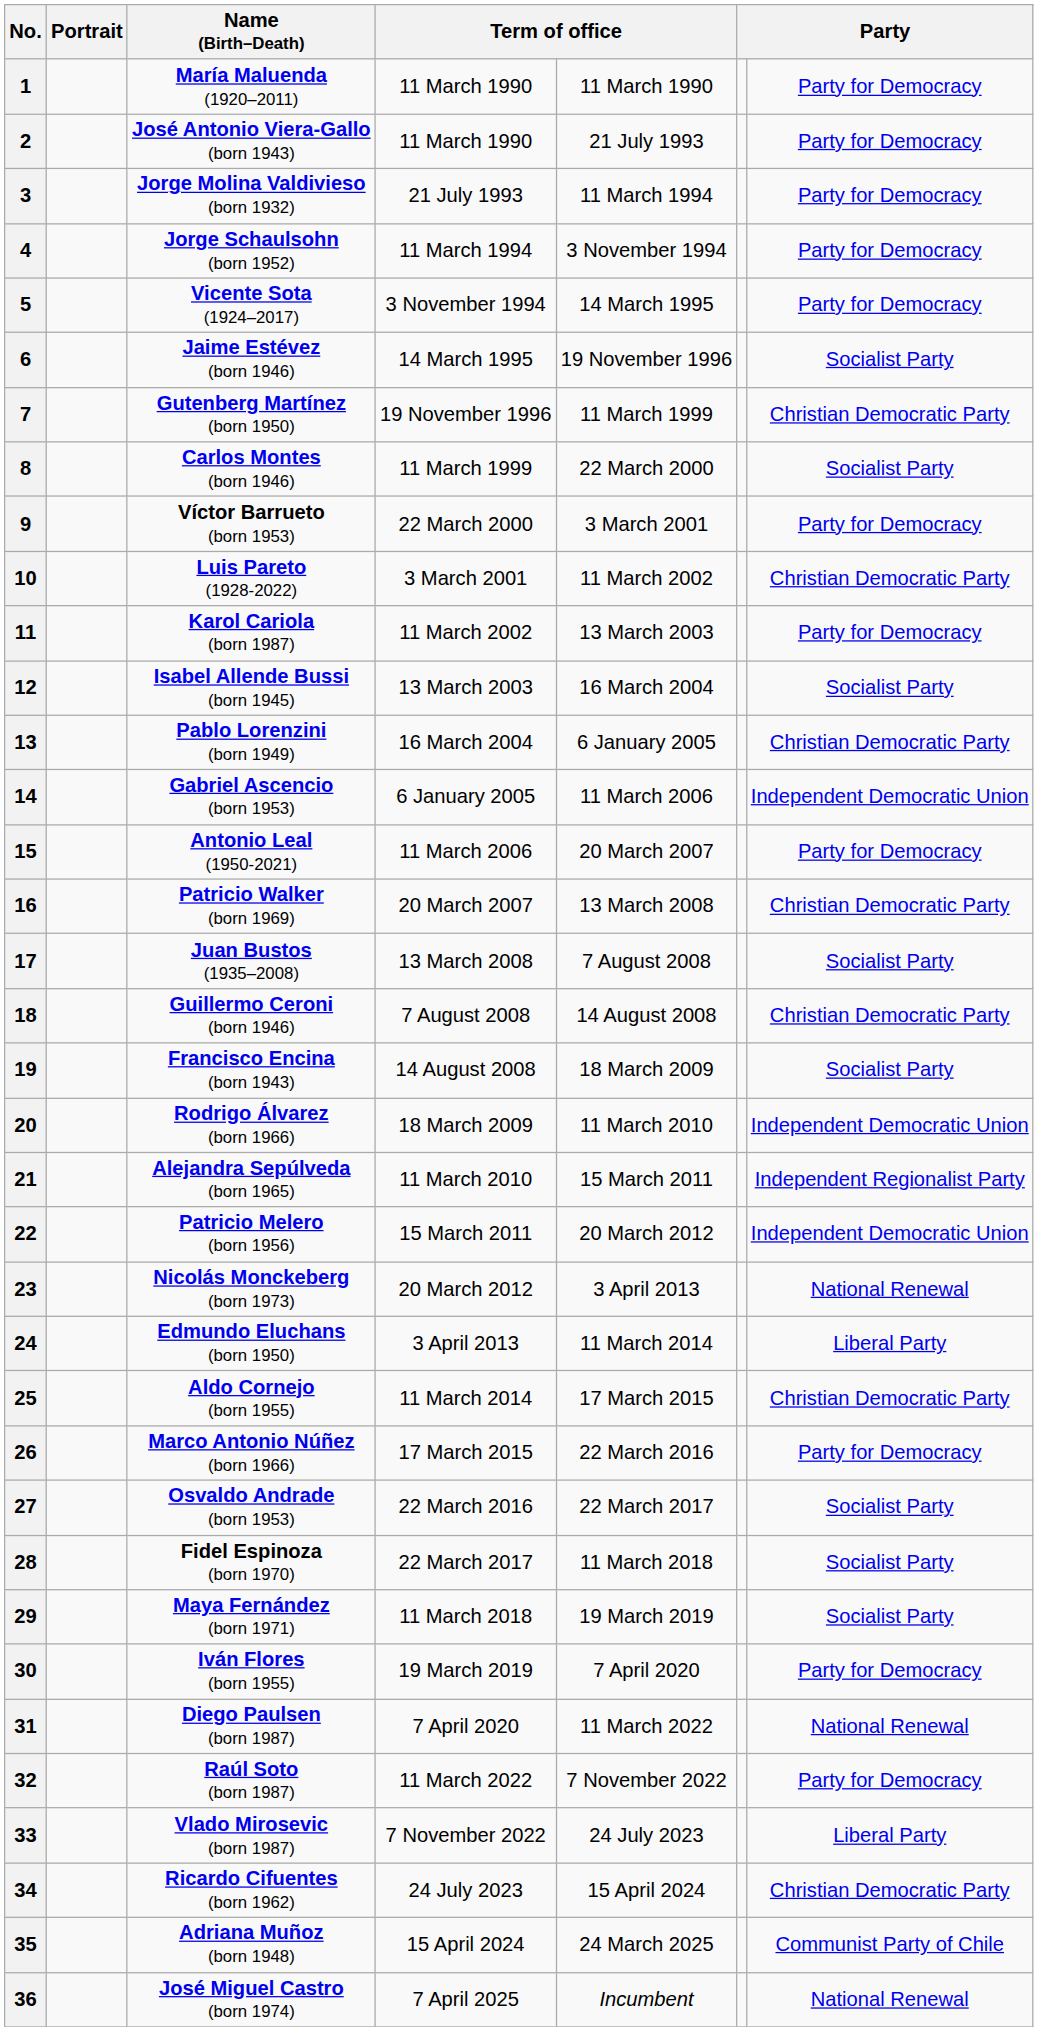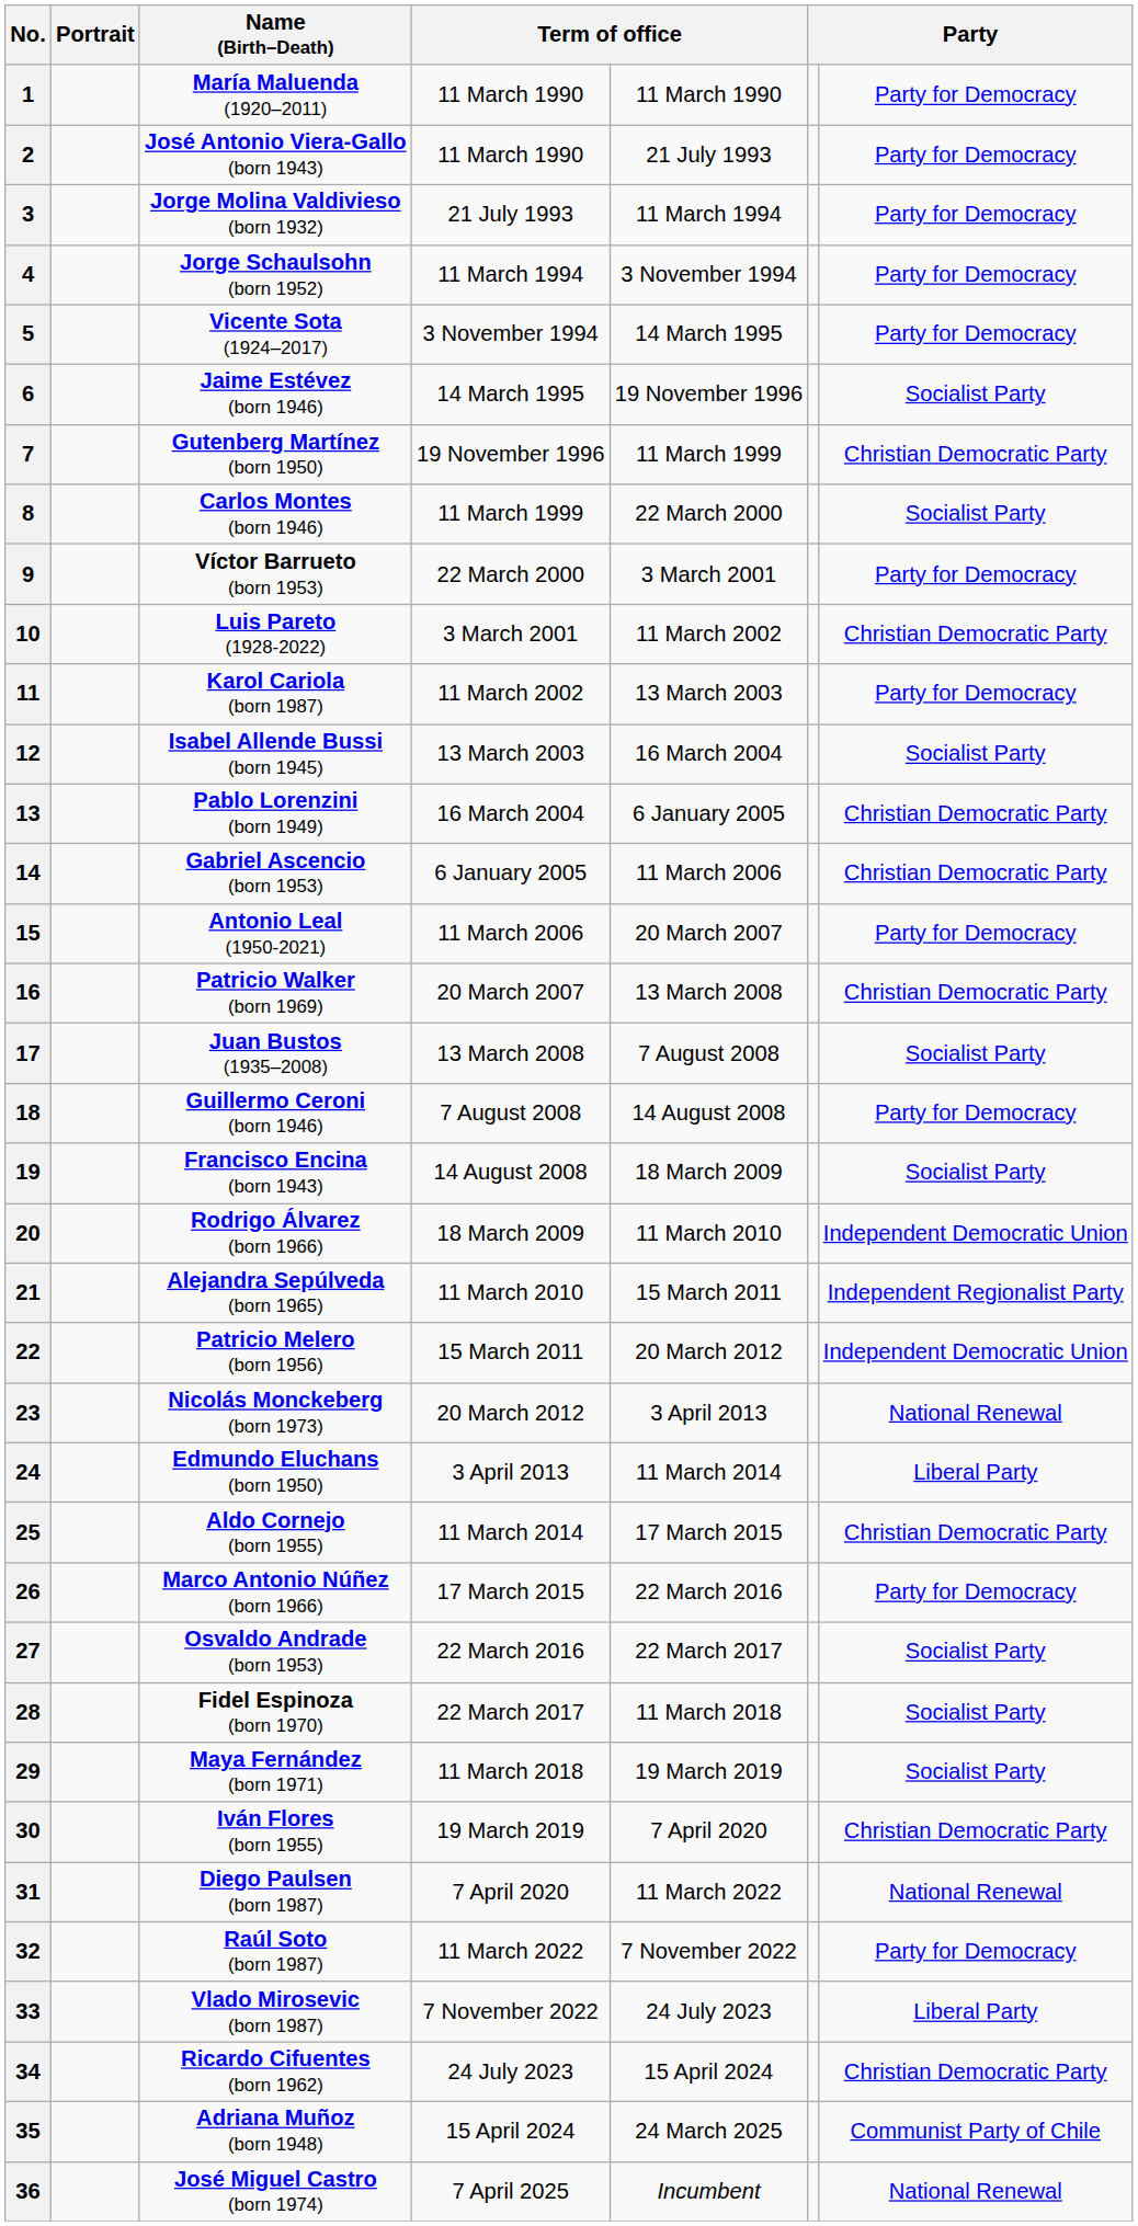 <table class="wikitable" style="text-align: center;">
 <tr>
 <th>No.</th>
 <th>Portrait</th>
 <th>Name<br><small>(Birth–Death)</small></th>
 <th colspan="2">Term of office</th>
 <th colspan=2>Party</th>
 </tr>
 <tr>
 <th>1</th>
 <td></td>
 <td><strong><a href='#'>María Maluenda</a></strong><br><small>(1920–2011)</small></td>
 <td>11 March 1990</td>
 <td>11 March 1990</td>
 <td style="background-color:"></td>
 <td><a href='#'>Party for Democracy</a></td>
 </tr>
 <tr>
 <th>2</th>
 <td></td>
 <td><strong><a href='#'>José Antonio Viera-Gallo</a></strong><br><small>(born 1943)</small></td>
 <td>11 March 1990</td>
 <td>21 July 1993</td>
 <td style="background-color:"></td>
 <td><a href='#'>Party for Democracy</a></td>
 </tr>
 <tr>
 <th>3</th>
 <td></td>
 <td><strong><a href='#'>Jorge Molina Valdivieso</a></strong><br><small>(born 1932)</small></td>
 <td>21 July 1993</td>
 <td>11 March 1994</td>
 <td style="background-color:"></td>
 <td><a href='#'>Party for Democracy</a></td>
 </tr>
 <tr>
 <th>4</th>
 <td></td>
 <td><strong><a href='#'>Jorge Schaulsohn</a></strong><br><small>(born 1952)</small></td>
 <td>11 March 1994</td>
 <td>3 November 1994</td>
 <td style="background-color:"></td>
 <td><a href='#'>Party for Democracy</a></td>
 </tr>
 <tr>
 <th>5</th>
 <td></td>
 <td><strong><a href='#'>Vicente Sota</a></strong><br><small>(1924–2017)</small></td>
 <td>3 November 1994</td>
 <td>14 March 1995</td>
 <td style="background-color:"></td>
 <td><a href='#'>Party for Democracy</a></td>
 </tr>
 <tr>
 <th>6</th>
 <td></td>
 <td><strong><a href='#'>Jaime Estévez</a></strong><br><small>(born 1946)</small></td>
 <td>14 March 1995</td>
 <td>19 November 1996</td>
 <td style="background-color:"></td>
 <td><a href='#'>Socialist Party</a></td>
 </tr>
 <tr>
 <th>7</th>
 <td></td>
 <td><strong><a href='#'>Gutenberg Martínez</a></strong><br><small>(born 1950)</small></td>
 <td>19 November 1996</td>
 <td>11 March 1999</td>
 <td style="background-color:"></td>
 <td><a href='#'>Christian Democratic Party</a></td>
 </tr>
 <tr>
 <th>8</th>
 <td></td>
 <td><strong><a href='#'>Carlos Montes</a></strong><br><small>(born 1946)</small></td>
 <td>11 March 1999</td>
 <td>22 March 2000</td>
 <td style="background-color:"></td>
 <td><a href='#'>Socialist Party</a></td>
 </tr>
 <tr>
 <th>9</th>
 <td></td>
 <td><strong>Víctor Barrueto</strong><br><small>(born 1953)</small></td>
 <td>22 March 2000</td>
 <td>3 March 2001</td>
 <td style="background-color:"></td>
 <td><a href='#'>Party for Democracy</a></td>
 </tr>
 <tr>
 <th>10</th>
 <td></td>
 <td><strong><a href='#'>Luis Pareto</a></strong><br><small>(1928-2022)</small></td>
 <td>3 March 2001</td>
 <td>11 March 2002</td>
 <td style="background-color:"></td>
 <td><a href='#'>Christian Democratic Party</a></td>
 </tr>
 <tr>
 <th>11</th>
 <td></td>
 <td><strong><a href='#'>Karol Cariola</a></strong><br><small>(born 1987)</small></td>
 <td>11 March 2002</td>
 <td>13 March 2003</td>
 <td style="background-color:"></td>
 <td><a href='#'>Party for Democracy</a></td>
 </tr>
 <tr>
 <th>12</th>
 <td></td>
 <td><strong><a href='#'>Isabel Allende Bussi</a></strong><br><small>(born 1945)</small></td>
 <td>13 March 2003</td>
 <td>16 March 2004</td>
 <td style="background-color:"></td>
 <td><a href='#'>Socialist Party</a></td>
 </tr>
 <tr>
 <th>13</th>
 <td></td>
 <td><strong><a href='#'>Pablo Lorenzini</a></strong><br><small>(born 1949)</small></td>
 <td>16 March 2004</td>
 <td>6 January 2005</td>
 <td style="background-color:"></td>
 <td><a href='#'>Christian Democratic Party</a></td>
 </tr>
 <tr>
 <th>14</th>
 <td></td>
 <td><strong><a href='#'>Gabriel Ascencio</a></strong><br><small>(born 1953)</small></td>
 <td>6 January 2005</td>
 <td>11 March 2006</td>
 <td style="background-color:"></td>
-<td><a href='#'>Independent Democratic Union</a></td>
+<td><a href='#'>Christian Democratic Party</a></td>
 </tr>
 <tr>
 <th>15</th>
 <td></td>
 <td><strong><a href='#'>Antonio Leal</a></strong><br><small>(1950-2021)</small></td>
 <td>11 March 2006</td>
 <td>20 March 2007</td>
 <td style="background-color:"></td>
 <td><a href='#'>Party for Democracy</a></td>
 </tr>
 <tr>
 <th>16</th>
 <td></td>
 <td><strong><a href='#'>Patricio Walker</a></strong><br><small>(born 1969)</small></td>
 <td>20 March 2007</td>
 <td>13 March 2008</td>
 <td style="background-color:"></td>
 <td><a href='#'>Christian Democratic Party</a></td>
 </tr>
 <tr>
 <th>17</th>
 <td></td>
 <td><strong><a href='#'>Juan Bustos</a></strong><br><small>(1935–2008)</small></td>
 <td>13 March 2008</td>
 <td>7 August 2008</td>
 <td style="background-color:"></td>
 <td><a href='#'>Socialist Party</a></td>
 </tr>
 <tr>
 <th>18</th>
 <td></td>
 <td><strong><a href='#'>Guillermo Ceroni</a></strong><br><small>(born 1946)</small></td>
 <td>7 August 2008</td>
 <td>14 August 2008</td>
 <td style="background-color:"></td>
-<td><a href='#'>Christian Democratic Party</a></td>
+<td><a href='#'>Party for Democracy</a></td>
 </tr>
 <tr>
 <th>19</th>
 <td></td>
 <td><strong><a href='#'>Francisco Encina</a></strong><br><small>(born 1943)</small></td>
 <td>14 August 2008</td>
 <td>18 March 2009</td>
 <td style="background-color:"></td>
 <td><a href='#'>Socialist Party</a></td>
 </tr>
 <tr>
 <th>20</th>
 <td></td>
 <td><strong><a href='#'>Rodrigo Álvarez</a></strong><br><small>(born 1966)</small></td>
 <td>18 March 2009</td>
 <td>11 March 2010</td>
 <td style="background-color:"></td>
 <td><a href='#'>Independent Democratic Union</a></td>
 </tr>
 <tr>
 <th>21</th>
 <td></td>
 <td><strong><a href='#'>Alejandra Sepúlveda</a></strong><br><small>(born 1965)</small></td>
 <td>11 March 2010</td>
 <td>15 March 2011</td>
 <td style="background-color:"></td>
 <td><a href='#'>Independent Regionalist Party</a></td>
 </tr>
 <tr>
 <th>22</th>
 <td></td>
 <td><strong><a href='#'>Patricio Melero</a></strong><br><small>(born 1956)</small></td>
 <td>15 March 2011</td>
 <td>20 March 2012</td>
 <td style="background-color:"></td>
 <td><a href='#'>Independent Democratic Union</a></td>
 </tr>
 <tr>
 <th>23</th>
 <td></td>
 <td><strong><a href='#'>Nicolás Monckeberg</a></strong><br><small>(born 1973)</small></td>
 <td>20 March 2012</td>
 <td>3 April 2013</td>
 <td style="background-color:"></td>
 <td><a href='#'>National Renewal</a></td>
 </tr>
 <tr>
 <th>24</th>
 <td></td>
 <td><strong><a href='#'>Edmundo Eluchans</a></strong><br><small>(born 1950)</small></td>
 <td>3 April 2013</td>
 <td>11 March 2014</td>
 <td style="background-color:"></td>
 <td><a href='#'>Liberal Party</a></td>
 </tr>
 <tr>
 <th>25</th>
 <td></td>
 <td><strong><a href='#'>Aldo Cornejo</a></strong><br><small>(born 1955)</small></td>
 <td>11 March 2014</td>
 <td>17 March 2015</td>
 <td style="background-color:"></td>
 <td><a href='#'>Christian Democratic Party</a></td>
 </tr>
 <tr>
 <th>26</th>
 <td></td>
 <td><strong><a href='#'>Marco Antonio Núñez</a></strong><br><small>(born 1966)</small></td>
 <td>17 March 2015</td>
 <td>22 March 2016</td>
 <td style="background-color:"></td>
 <td><a href='#'>Party for Democracy</a></td>
 </tr>
 <tr>
 <th>27</th>
 <td></td>
 <td><strong><a href='#'>Osvaldo Andrade</a></strong><br><small>(born 1953)</small></td>
 <td>22 March 2016</td>
 <td>22 March 2017</td>
 <td style="background-color:"></td>
 <td><a href='#'>Socialist Party</a></td>
 </tr>
 <tr>
 <th>28</th>
 <td></td>
 <td><strong>Fidel Espinoza</strong><br><small>(born 1970)</small></td>
 <td>22 March 2017</td>
 <td>11 March 2018</td>
 <td style="background-color:"></td>
 <td><a href='#'>Socialist Party</a></td>
 </tr>
 <tr>
 <th>29</th>
 <td></td>
 <td><strong><a href='#'>Maya Fernández</a></strong><br><small>(born 1971)</small></td>
 <td>11 March 2018</td>
 <td>19 March 2019</td>
 <td style="background-color:"></td>
 <td><a href='#'>Socialist Party</a></td>
 </tr>
 <tr>
 <th>30</th>
 <td></td>
 <td><strong><a href='#'>Iván Flores</a></strong><br><small>(born 1955)</small></td>
 <td>19 March 2019</td>
 <td>7 April 2020</td>
 <td style="background-color:"></td>
-<td><a href='#'>Party for Democracy</a></td>
+<td><a href='#'>Christian Democratic Party</a></td>
 </tr>
 <tr>
 <th>31</th>
 <td></td>
 <td><strong><a href='#'>Diego Paulsen</a></strong><br><small>(born 1987)</small></td>
 <td>7 April 2020</td>
 <td>11 March 2022</td>
 <td style="background-color:"></td>
 <td><a href='#'>National Renewal</a></td>
 </tr>
 <tr>
 <th>32</th>
 <td></td>
 <td><strong><a href='#'>Raúl Soto</a></strong><br><small>(born 1987)</small></td>
 <td>11 March 2022</td>
 <td>7 November 2022</td>
 <td style="background-color:"></td>
 <td><a href='#'>Party for Democracy</a></td>
 </tr>
 <tr>
 <th>33</th>
 <td></td>
 <td><strong><a href='#'>Vlado Mirosevic</a></strong><br><small>(born 1987)</small></td>
 <td>7 November 2022</td>
 <td>24 July 2023</td>
 <td style="background-color:"></td>
 <td><a href='#'>Liberal Party</a></td>
 </tr>
 <tr>
 <th>34</th>
 <td></td>
 <td><strong><a href='#'>Ricardo Cifuentes</a></strong><br><small>(born 1962)</small></td>
 <td>24 July 2023</td>
 <td>15 April 2024</td>
 <td style="background-color:"></td>
 <td><a href='#'>Christian Democratic Party</a></td>
 </tr>
 <tr>
 <th>35</th>
 <td></td>
 <td><strong><a href='#'>Adriana Muñoz</a></strong><br><small>(born 1948)</small></td>
 <td>15 April 2024</td>
 <td>24 March 2025</td>
 <td style="background-color:"></td>
 <td><a href='#'>Communist Party of Chile</a></td>
 </tr>
 <tr>
 <th>36</th>
 <td></td>
 <td><strong><a href='#'>José Miguel Castro</a></strong><br><small>(born 1974)</small></td>
 <td>7 April 2025</td>
 <td><em>Incumbent</em></td>
 <td style="background-color:"></td>
 <td><a href='#'>National Renewal</a></td>
 </tr>
 </table>
